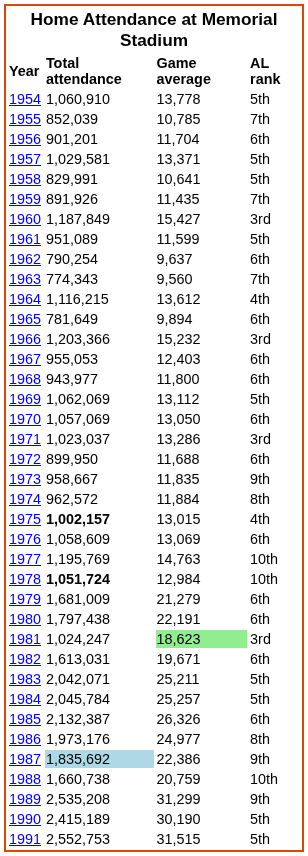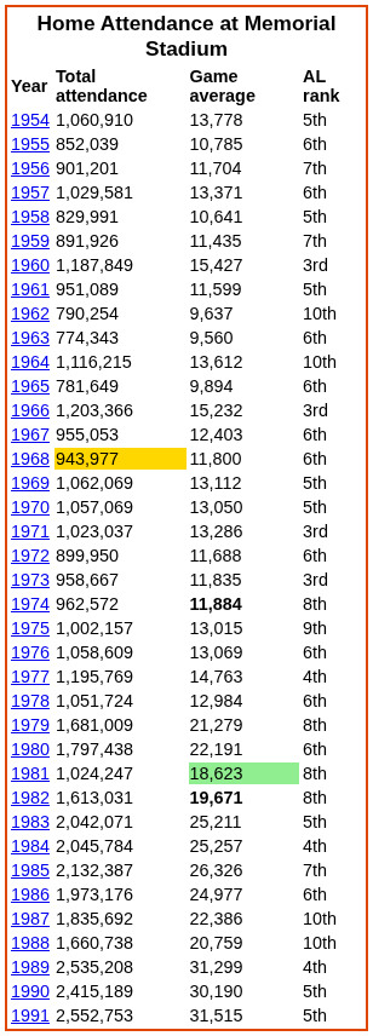 <table cellpadding="1" style="width:300px; font-size:90%; border:2px solid #DF4601;">
 <tr style="text-align:center; font-size:larger;">
 <td colspan=5><strong>Home Attendance at Memorial Stadium</strong></td>
 </tr>
 <tr style=>
 <td><strong>Year</strong></td>
 <td><strong>Total attendance</strong></td>
 <td><strong>Game average</strong></td>
 <td><strong>AL rank</strong></td>
 </tr>
 <tr>
 <td><a href='#'>1954</a></td>
 <td>1,060,910</td>
 <td>13,778</td>
 <td>5th</td>
 </tr>
 <tr>
 <td><a href='#'>1955</a></td>
 <td>852,039</td>
 <td>10,785</td>
-<td>7th</td>
+<td>6th</td>
 </tr>
 <tr>
 <td><a href='#'>1956</a></td>
 <td>901,201</td>
 <td>11,704</td>
-<td>6th</td>
+<td>7th</td>
 </tr>
 <tr>
 <td><a href='#'>1957</a></td>
 <td>1,029,581</td>
 <td>13,371</td>
-<td>5th</td>
+<td>6th</td>
 </tr>
 <tr>
 <td><a href='#'>1958</a></td>
 <td>829,991</td>
 <td>10,641</td>
 <td>5th</td>
 </tr>
 <tr>
 <td><a href='#'>1959</a></td>
 <td>891,926</td>
 <td>11,435</td>
 <td>7th</td>
 </tr>
 <tr>
 <td><a href='#'>1960</a></td>
 <td>1,187,849</td>
 <td>15,427</td>
 <td>3rd</td>
 </tr>
 <tr>
 <td><a href='#'>1961</a></td>
 <td>951,089</td>
 <td>11,599</td>
 <td>5th</td>
 </tr>
 <tr>
 <td><a href='#'>1962</a></td>
 <td>790,254</td>
 <td>9,637</td>
-<td>6th</td>
+<td>10th</td>
 </tr>
 <tr>
 <td><a href='#'>1963</a></td>
 <td>774,343</td>
 <td>9,560</td>
-<td>7th</td>
+<td>6th</td>
 </tr>
 <tr>
 <td><a href='#'>1964</a></td>
 <td>1,116,215</td>
 <td>13,612</td>
-<td>4th</td>
+<td>10th</td>
 </tr>
 <tr>
 <td><a href='#'>1965</a></td>
 <td>781,649</td>
 <td>9,894</td>
 <td>6th</td>
 </tr>
 <tr>
 <td><a href='#'>1966</a></td>
 <td>1,203,366</td>
 <td>15,232</td>
 <td>3rd</td>
 </tr>
 <tr>
 <td><a href='#'>1967</a></td>
 <td>955,053</td>
 <td>12,403</td>
 <td>6th</td>
 </tr>
 <tr>
 <td><a href='#'>1968</a></td>
-<td>943,977</td>
+<td style="background: gold;">943,977</td>
 <td>11,800</td>
 <td>6th</td>
 </tr>
 <tr>
 <td><a href='#'>1969</a></td>
 <td>1,062,069</td>
 <td>13,112</td>
 <td>5th</td>
 </tr>
 <tr>
 <td><a href='#'>1970</a></td>
 <td>1,057,069</td>
 <td>13,050</td>
-<td>6th</td>
+<td>5th</td>
 </tr>
 <tr>
 <td><a href='#'>1971</a></td>
 <td>1,023,037</td>
 <td>13,286</td>
 <td>3rd</td>
 </tr>
 <tr>
 <td><a href='#'>1972</a></td>
 <td>899,950</td>
 <td>11,688</td>
 <td>6th</td>
 </tr>
 <tr>
 <td><a href='#'>1973</a></td>
 <td>958,667</td>
 <td>11,835</td>
-<td>9th</td>
+<td>3rd</td>
 </tr>
 <tr>
 <td><a href='#'>1974</a></td>
 <td>962,572</td>
-<td>11,884</td>
+<td><strong>11,884</strong></td>
 <td>8th</td>
 </tr>
 <tr>
 <td><a href='#'>1975</a></td>
-<td><strong>1,002,157</strong></td>
+<td>1,002,157</td>
 <td>13,015</td>
-<td>4th</td>
+<td>9th</td>
 </tr>
 <tr>
 <td><a href='#'>1976</a></td>
 <td>1,058,609</td>
 <td>13,069</td>
 <td>6th</td>
 </tr>
 <tr>
 <td><a href='#'>1977</a></td>
 <td>1,195,769</td>
 <td>14,763</td>
-<td>10th</td>
+<td>4th</td>
 </tr>
 <tr>
 <td><a href='#'>1978</a></td>
-<td><strong>1,051,724</strong></td>
+<td>1,051,724</td>
 <td>12,984</td>
-<td>10th</td>
+<td>6th</td>
 </tr>
 <tr>
 <td><a href='#'>1979</a></td>
 <td>1,681,009</td>
 <td>21,279</td>
-<td>6th</td>
+<td>8th</td>
 </tr>
 <tr>
 <td><a href='#'>1980</a></td>
 <td>1,797,438</td>
 <td>22,191</td>
 <td>6th</td>
 </tr>
 <tr>
 <td><a href='#'>1981</a></td>
 <td>1,024,247</td>
 <td style="background: lightgreen;">18,623</td>
-<td>3rd</td>
+<td>8th</td>
 </tr>
 <tr>
 <td><a href='#'>1982</a></td>
 <td>1,613,031</td>
-<td>19,671</td>
-<td>6th</td>
+<td><strong>19,671</strong></td>
+<td>8th</td>
 </tr>
 <tr>
 <td><a href='#'>1983</a></td>
 <td>2,042,071</td>
 <td>25,211</td>
 <td>5th</td>
 </tr>
 <tr>
 <td><a href='#'>1984</a></td>
 <td>2,045,784</td>
 <td>25,257</td>
-<td>5th</td>
+<td>4th</td>
 </tr>
 <tr>
 <td><a href='#'>1985</a></td>
 <td>2,132,387</td>
 <td>26,326</td>
-<td>6th</td>
+<td>7th</td>
 </tr>
 <tr>
 <td><a href='#'>1986</a></td>
 <td>1,973,176</td>
 <td>24,977</td>
-<td>8th</td>
+<td>6th</td>
 </tr>
 <tr>
 <td><a href='#'>1987</a></td>
-<td style="background: lightblue;">1,835,692</td>
+<td>1,835,692</td>
 <td>22,386</td>
-<td>9th</td>
+<td>10th</td>
 </tr>
 <tr>
 <td><a href='#'>1988</a></td>
 <td>1,660,738</td>
 <td>20,759</td>
 <td>10th</td>
 </tr>
 <tr>
 <td><a href='#'>1989</a></td>
 <td>2,535,208</td>
 <td>31,299</td>
-<td>9th</td>
+<td>4th</td>
 </tr>
 <tr>
 <td><a href='#'>1990</a></td>
 <td>2,415,189</td>
 <td>30,190</td>
 <td>5th</td>
 </tr>
 <tr>
 <td><a href='#'>1991</a></td>
 <td>2,552,753</td>
 <td>31,515</td>
 <td>5th</td>
 </tr>
 </table>
